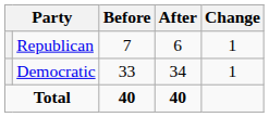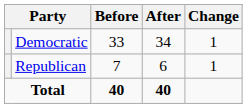 <table class="wikitable" style="text-align:center;">
 <tr>
 <th colspan="2">Party</th>
 <th>Before</th>
 <th>After</th>
 <th>Change</th>
 </tr>
 <tr>
 <th style="background-color:"></th>
-<td style="text-align:left;"><a href='#'>Republican</a></td>
-<td>7</td>
-<td>6</td>
+<td style="text-align:left;"><a href='#'>Democratic</a></td>
+<td>33</td>
+<td>34</td>
 <td> 1</td>
 </tr>
 <tr>
 <th style="background-color:"></th>
-<td style="text-align:left;"><a href='#'>Democratic</a></td>
-<td>33</td>
-<td>34</td>
+<td style="text-align:left;"><a href='#'>Republican</a></td>
+<td>7</td>
+<td>6</td>
 <td> 1</td>
 </tr>
 <tr>
 <td colspan="2"><strong>Total</strong></td>
 <td><strong>40</strong></td>
 <td><strong>40</strong></td>
 <td></td>
 </tr>
 </table>
